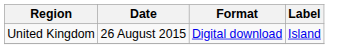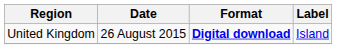 <table class="wikitable">
 <tr>
 <th>Region</th>
 <th>Date</th>
 <th>Format</th>
 <th>Label</th>
 </tr>
 <tr>
 <td>United Kingdom</td>
 <td>26 August 2015</td>
-<td><a href='#'>Digital download</a></td>
+<td><strong><a href='#'>Digital download</a></strong></td>
 <td><a href='#'>Island</a></td>
 </tr>
 <tr>
 </tr>
 </table>
